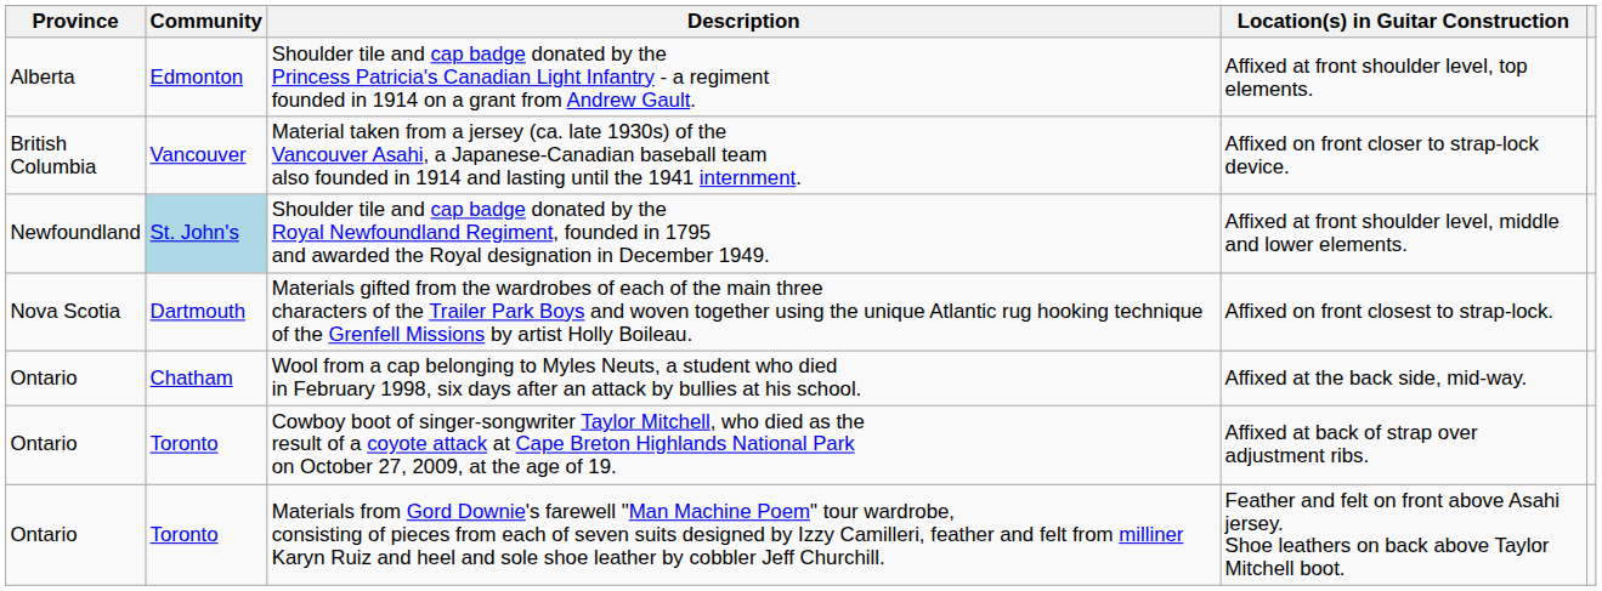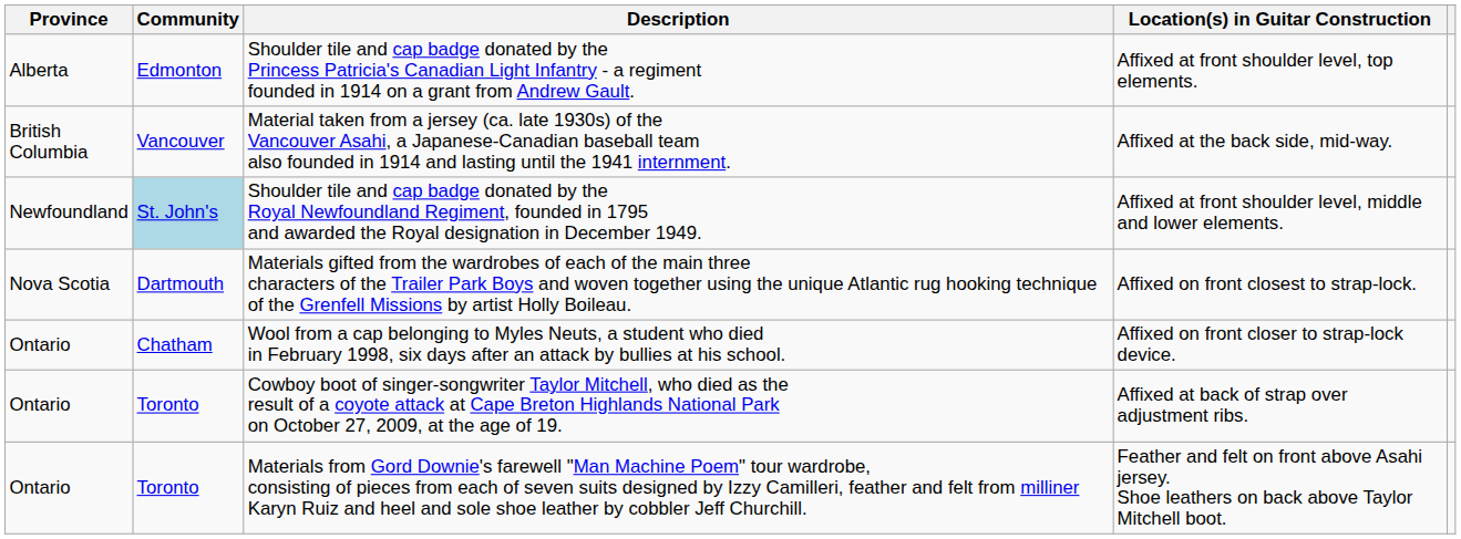 <table class="wikitable sortable">
 <tr>
 <th>Province</th>
 <th>Community</th>
 <th>Description</th>
 <th>Location(s) in Guitar Construction</th>
 <th></th>
 </tr>
 <tr>
 <td>Alberta</td>
 <td><a href='#'>Edmonton</a></td>
 <td>Shoulder tile and <a href='#'>cap badge</a> donated by the<br><a href='#'>Princess Patricia's Canadian Light Infantry</a> - a regiment<br>founded in 1914 on a grant from <a href='#'>Andrew Gault</a>.</td>
 <td>Affixed at front shoulder level, top elements.</td>
 <td></td>
 </tr>
 <tr>
 <td>British<br>Columbia</td>
 <td><a href='#'>Vancouver</a></td>
 <td>Material taken from a jersey (ca. late 1930s) of the<br><a href='#'>Vancouver Asahi</a>, a Japanese-Canadian baseball team<br>also founded in 1914 and lasting until the 1941 <a href='#'>internment</a>.</td>
-<td>Affixed on front closer to strap-lock device.</td>
+<td>Affixed at the back side, mid-way.</td>
 <td></td>
 </tr>
 <tr>
 <td>Newfoundland</td>
 <td style="background: lightblue;"><a href='#'>St. John's</a></td>
 <td>Shoulder tile and <a href='#'>cap badge</a> donated by the<br><a href='#'>Royal Newfoundland Regiment</a>, founded in 1795<br>and awarded the Royal designation in December 1949.</td>
 <td>Affixed at front shoulder level, middle and lower elements.</td>
 <td></td>
 </tr>
 <tr>
 <td>Nova Scotia</td>
 <td><a href='#'>Dartmouth</a></td>
 <td>Materials gifted from the wardrobes of each of the main three<br>characters of the <a href='#'>Trailer Park Boys</a> and woven together using the unique Atlantic rug hooking technique of the <a href='#'>Grenfell Missions</a> by artist Holly Boileau.</td>
 <td>Affixed on front closest to strap-lock.</td>
 <td></td>
 </tr>
 <tr>
 <td>Ontario</td>
 <td><a href='#'>Chatham</a></td>
 <td>Wool from a cap belonging to Myles Neuts, a student who died<br>in February 1998, six days after an attack by bullies at his school.</td>
-<td>Affixed at the back side, mid-way.</td>
+<td>Affixed on front closer to strap-lock device.</td>
 <td></td>
 </tr>
 <tr>
 <td>Ontario</td>
 <td><a href='#'>Toronto</a></td>
 <td>Cowboy boot of singer-songwriter <a href='#'>Taylor Mitchell</a>, who died as the<br>result of a <a href='#'>coyote attack</a> at <a href='#'>Cape Breton Highlands National Park</a><br>on October 27, 2009, at the age of 19.</td>
 <td>Affixed at back of strap over adjustment ribs.</td>
 <td></td>
 </tr>
 <tr>
 <td>Ontario</td>
 <td><a href='#'>Toronto</a></td>
 <td>Materials from <a href='#'>Gord Downie</a>'s farewell "<a href='#'>Man Machine Poem</a>" tour wardrobe,<br>consisting of pieces from each of seven suits designed by Izzy Camilleri, feather and felt from <a href='#'>milliner</a> Karyn Ruiz and heel and sole shoe leather by cobbler Jeff Churchill.</td>
 <td>Feather and felt on front above Asahi jersey.<br>Shoe leathers on back above Taylor Mitchell boot.</td>
 <td></td>
 </tr>
 </table>
